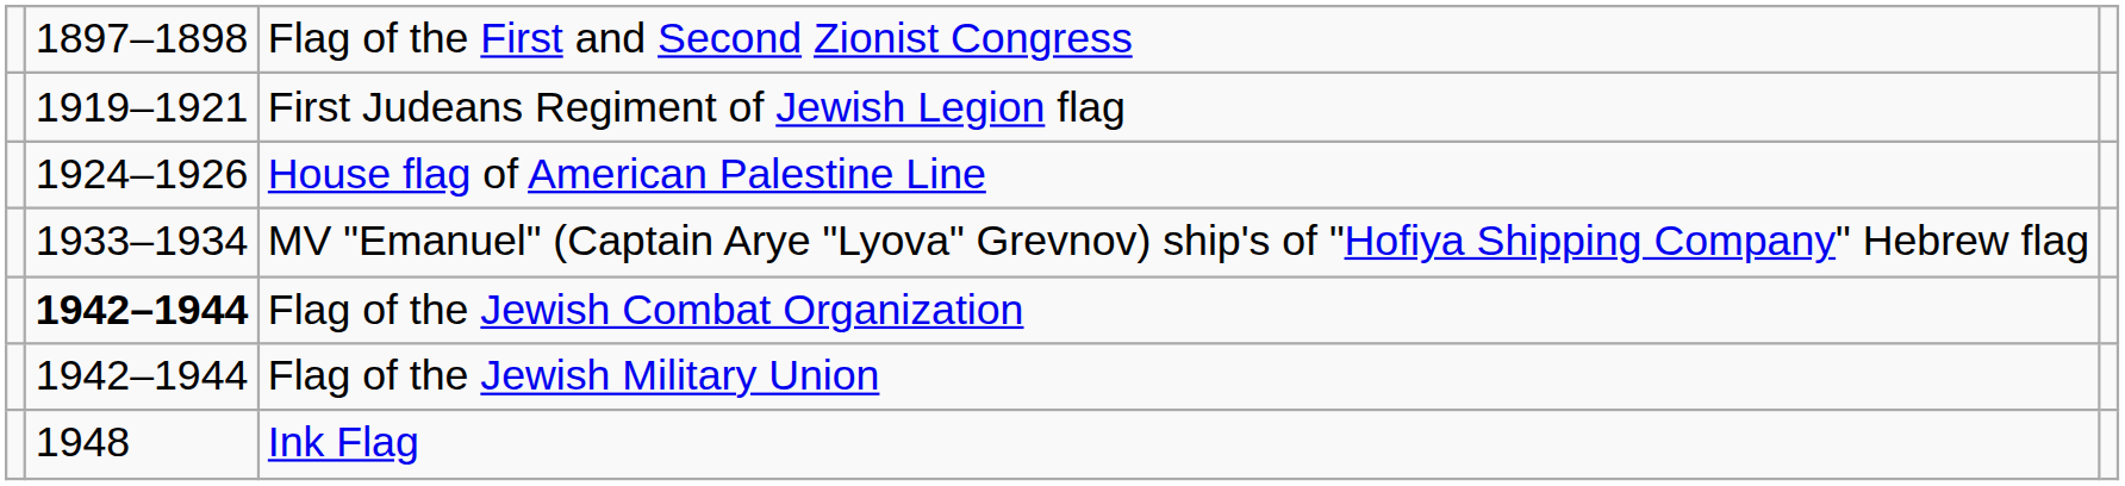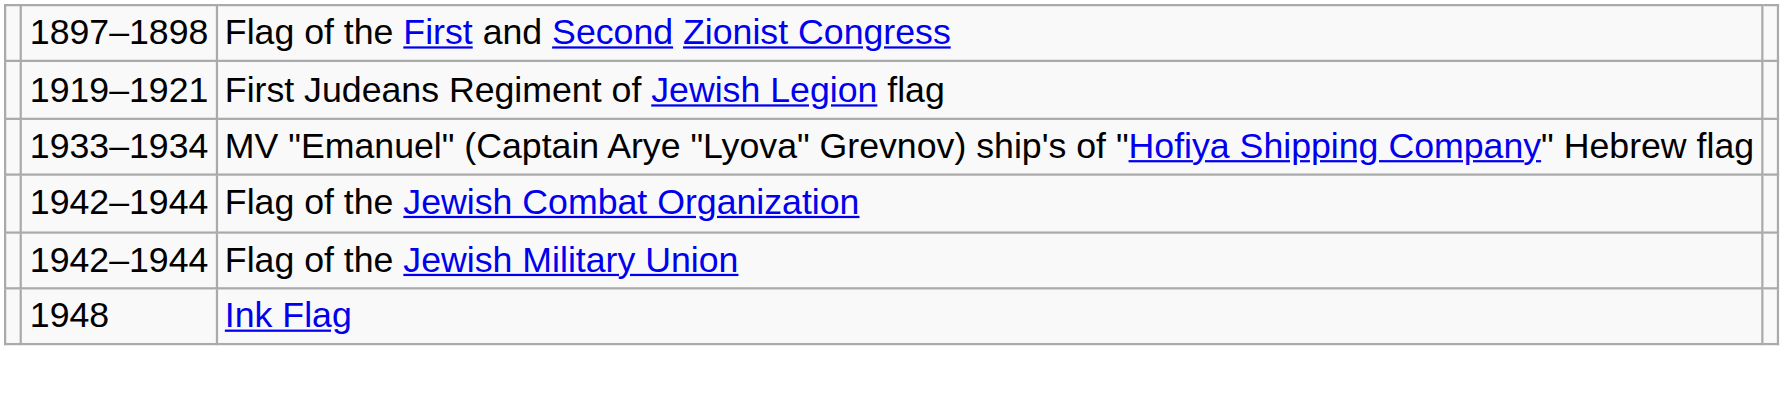 <table class="wikitable" style="background:#f9f9f9">
 <tr>
 <td></td>
 <td>1897–1898</td>
 <td>Flag of the <a href='#'>First</a> and <a href='#'>Second</a> <a href='#'>Zionist Congress</a></td>
 <td></td>
 </tr>
 <tr>
 <td></td>
 <td>1919–1921</td>
 <td>First Judeans Regiment of <a href='#'>Jewish Legion</a> flag</td>
 <td></td>
 </tr>
 <tr>
 <td></td>
-<td>1924–1926</td>
-<td><a href='#'>House flag</a> of <a href='#'>American Palestine Line</a></td>
-<td></td>
-</tr>
-<tr>
-<td></td>
 <td>1933–1934</td>
 <td>MV "Emanuel" (Captain Arye "Lyova" Grevnov) ship's of "<a href='#'>Hofiya Shipping Company</a>" Hebrew flag</td>
 <td></td>
 </tr>
 <tr>
 <td></td>
-<td><strong>1942–1944</strong></td>
+<td>1942–1944</td>
 <td>Flag of the <a href='#'>Jewish Combat Organization</a></td>
 <td></td>
 </tr>
 <tr>
 <td></td>
 <td>1942–1944</td>
 <td>Flag of the <a href='#'>Jewish Military Union</a></td>
 <td></td>
 </tr>
 <tr>
 <td></td>
 <td>1948</td>
 <td><a href='#'>Ink Flag</a></td>
 <td></td>
 </tr>
 </table>
